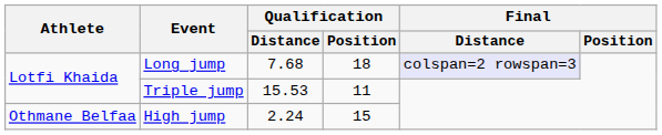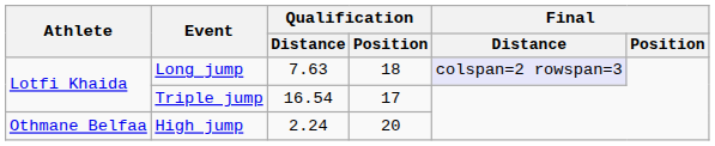 <table class=wikitable style="font-size:90%">
 <tr>
 <th rowspan="2">Athlete</th>
 <th rowspan="2">Event</th>
 <th colspan="2">Qualification</th>
 <th colspan="2">Final</th>
 </tr>
 <tr style="font-size:95%">
 <th>Distance</th>
 <th>Position</th>
 <th>Distance</th>
 <th>Position</th>
 </tr>
 <tr align=center>
 <td align=left rowspan=2><a href='#'>Lotfi Khaida</a></td>
 <td align=left><a href='#'>Long jump</a></td>
-<td>7.68</td>
+<td>7.63</td>
 <td>18</td>
 <td style="background: lavender;">colspan=2 rowspan=3 </td>
 </tr>
 <tr align=center>
 <td align=left><a href='#'>Triple jump</a></td>
-<td>15.53</td>
-<td>11</td>
+<td>16.54</td>
+<td>17</td>
 </tr>
 <tr align=center>
 <td align=left><a href='#'>Othmane Belfaa</a></td>
 <td align=left><a href='#'>High jump</a></td>
 <td>2.24</td>
-<td>15</td>
+<td>20</td>
 </tr>
 </table>
